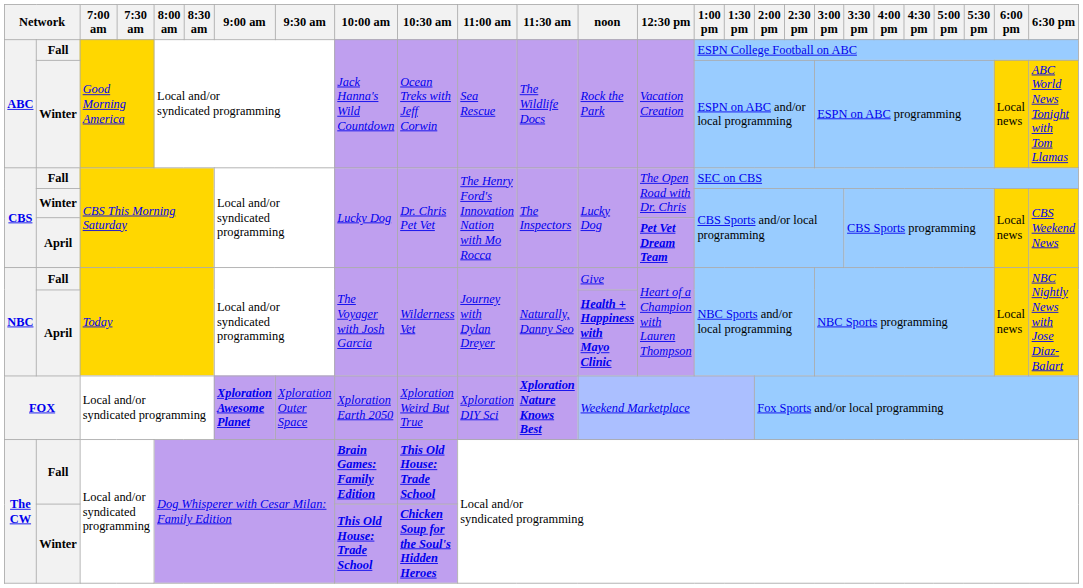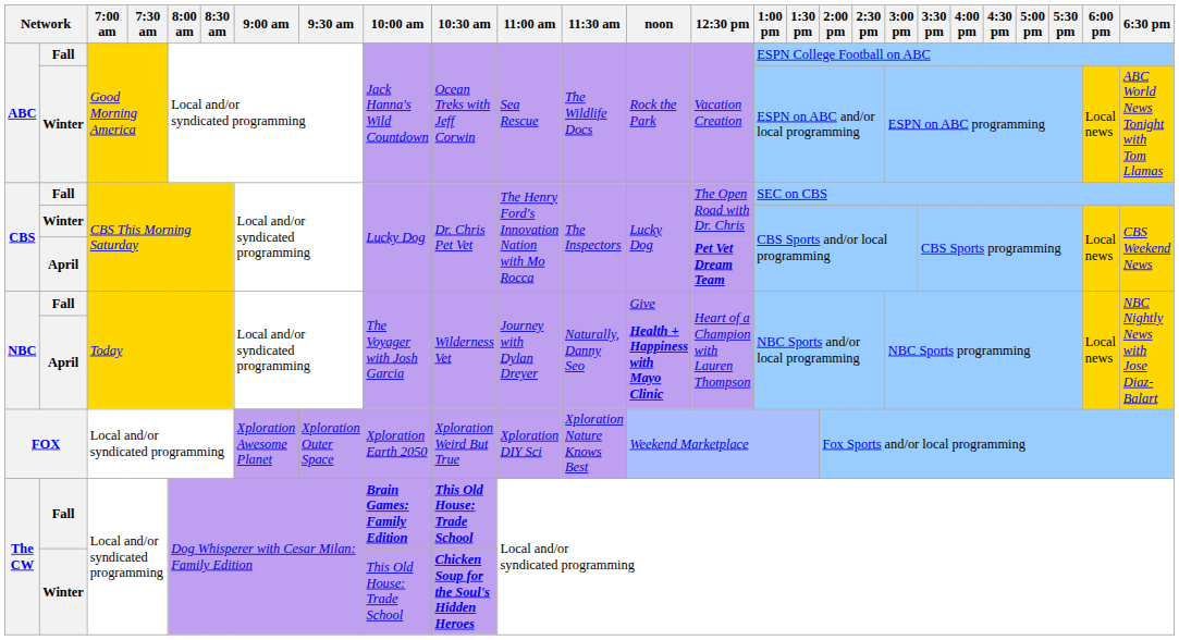 <table class=wikitable style=font-size:90%>
 <tr>
 <th width=1.5% bgcolor=#C0C0C0 colspan=2>Network</th>
 <th width=4% bgcolor=#C0C0C0>7:00 am</th>
 <th width=4% bgcolor=#C0C0C0>7:30 am</th>
 <th width=4% bgcolor=#C0C0C0>8:00 am</th>
 <th width=4% bgcolor=#C0C0C0>8:30 am</th>
 <th width=4% bgcolor=#C0C0C0>9:00 am</th>
 <th width=4% bgcolor=#C0C0C0>9:30 am</th>
 <th width=4% bgcolor=#C0C0C0>10:00 am</th>
 <th width=4% bgcolor=#C0C0C0>10:30 am</th>
 <th width=4% bgcolor=#C0C0C0>11:00 am</th>
 <th width=4% bgcolor=#C0C0C0>11:30 am</th>
 <th width=4% bgcolor=#C0C0C0>noon</th>
 <th width=4% bgcolor=#C0C0C0>12:30 pm</th>
 <th width=4% bgcolor=#C0C0C0>1:00 pm</th>
 <th width=4% bgcolor=#C0C0C0>1:30 pm</th>
 <th width=4% bgcolor=#C0C0C0>2:00 pm</th>
 <th width=4% bgcolor=#C0C0C0>2:30 pm</th>
 <th width=4% bgcolor=#C0C0C0>3:00 pm</th>
 <th width=4% bgcolor=#C0C0C0>3:30 pm</th>
 <th width=4% bgcolor=#C0C0C0>4:00 pm</th>
 <th width=4% bgcolor=#C0C0C0>4:30 pm</th>
 <th width=4% bgcolor=#C0C0C0>5:00 pm</th>
 <th width=4% bgcolor=#C0C0C0>5:30 pm</th>
 <th width=4% bgcolor=#C0C0C0>6:00 pm</th>
 <th width=4% bgcolor=#C0C0C0>6:30 pm</th>
 </tr>
 <tr>
 <th bgcolor=#C0C0C0 rowspan=2><a href='#'>ABC</a></th>
 <th>Fall</th>
 <td bgcolor=gold colspan=2 rowspan=2><em><a href='#'>Good Morning America</a></em></td>
 <td bgcolor=white colspan=4 rowspan=2>Local and/or<br> syndicated programming</td>
 <td bgcolor=bf9fef rowspan=2><em><a href='#'>Jack Hanna's Wild Countdown</a></em></td>
 <td bgcolor=bf9fef rowspan=2><em><a href='#'>Ocean Treks with Jeff Corwin</a></em></td>
 <td bgcolor=bf9fef rowspan=2><em><a href='#'>Sea Rescue</a></em></td>
 <td bgcolor=bf9fef rowspan=2><em><a href='#'>The Wildlife Docs</a></em></td>
 <td bgcolor=bf9fef rowspan=2><em><a href='#'>Rock the Park</a></em></td>
 <td bgcolor=bf9fef rowspan=2><em><a href='#'>Vacation Creation</a></em></td>
 <td bgcolor=99ccff colspan=12><a href='#'>ESPN College Football on ABC</a></td>
 </tr>
 <tr>
 <th>Winter</th>
 <td bgcolor=99ccff colspan=4><a href='#'>ESPN on ABC</a> and/or local programming</td>
 <td bgcolor=99ccff colspan=6><a href='#'>ESPN on ABC</a> programming</td>
 <td bgcolor=gold>Local news</td>
 <td bgcolor=gold><em><a href='#'>ABC World News Tonight with Tom Llamas</a></em></td>
 </tr>
 <tr>
 <th bgcolor=#C0C0C0 rowspan=3><a href='#'>CBS</a></th>
 <th>Fall</th>
 <td bgcolor=gold colspan=4 rowspan=3><em><a href='#'>CBS This Morning Saturday</a></em></td>
 <td bgcolor=white colspan=2 rowspan=3>Local and/or<br> syndicated programming</td>
 <td bgcolor=bf9fef rowspan=3><em><a href='#'>Lucky Dog</a></em></td>
 <td bgcolor=bf9fef rowspan=3><em><a href='#'>Dr. Chris Pet Vet</a></em></td>
 <td bgcolor=bf9fef rowspan=3><em><a href='#'>The Henry Ford's Innovation Nation with Mo Rocca</a></em></td>
 <td bgcolor=bf9fef rowspan=3><em><a href='#'>The Inspectors</a></em></td>
 <td bgcolor=bf9fef rowspan=3><em><a href='#'>Lucky Dog</a></em></td>
 <td bgcolor=bf9fef rowspan=2><em><a href='#'>The Open Road with Dr. Chris</a></em></td>
 <td bgcolor=99ccff colspan=12><a href='#'>SEC on CBS</a></td>
 </tr>
 <tr>
 <th>Winter</th>
 <td bgcolor=99ccff colspan=5 rowspan=2><a href='#'>CBS Sports</a> and/or local programming</td>
 <td bgcolor=99ccff colspan=5 rowspan=2><a href='#'>CBS Sports</a> programming</td>
 <td bgcolor=gold rowspan=2>Local news</td>
 <td bgcolor=gold rowspan=2><em><a href='#'>CBS Weekend News</a></em></td>
 </tr>
 <tr>
 <th>April</th>
 <td bgcolor=bf9fef><strong><em><a href='#'>Pet Vet Dream Team</a></em></strong></td>
 </tr>
 <tr>
 <th bgcolor=#C0C0C0 rowspan=2><a href='#'>NBC</a></th>
 <th>Fall</th>
 <td bgcolor=gold colspan=4 rowspan=2><em><a href='#'>Today</a></em></td>
 <td bgcolor=white colspan=2 rowspan=2>Local and/or<br> syndicated programming</td>
 <td bgcolor=bf9fef rowspan=2><em><a href='#'>The Voyager with Josh Garcia</a></em></td>
 <td bgcolor=bf9fef rowspan=2><em><a href='#'>Wilderness Vet</a></em></td>
 <td bgcolor=bf9fef rowspan=2><em><a href='#'>Journey with Dylan Dreyer</a></em></td>
 <td bgcolor=bf9fef rowspan=2><em><a href='#'>Naturally, Danny Seo</a></em></td>
 <td bgcolor=bf9fef><em><a href='#'>Give</a></em></td>
 <td bgcolor=bf9fef rowspan=2><em><a href='#'>Heart of a Champion with Lauren Thompson</a></em></td>
 <td bgcolor=99ccff colspan=4 rowspan=2><a href='#'>NBC Sports</a> and/or local programming</td>
 <td bgcolor=99ccff colspan=6 rowspan=2><a href='#'>NBC Sports</a> programming</td>
 <td bgcolor=gold rowspan=2>Local news</td>
 <td bgcolor=gold rowspan=2><em><a href='#'>NBC Nightly News with Jose Diaz-Balart</a></em></td>
 </tr>
 <tr>
 <th>April</th>
 <td bgcolor=bf9fef><strong><em><a href='#'>Health + Happiness with Mayo Clinic</a></em></strong></td>
 </tr>
 <tr>
 <th bgcolor=#C0C0C0 colspan=2><a href='#'>FOX</a></th>
 <td bgcolor=white colspan=4>Local and/or<br> syndicated programming</td>
-<td bgcolor=bf9fef><strong><em><a href='#'>Xploration Awesome Planet</a></em></strong></td>
+<td bgcolor=bf9fef><em><a href='#'>Xploration Awesome Planet</a></em></td>
 <td bgcolor=bf9fef><em><a href='#'>Xploration Outer Space</a></em></td>
 <td bgcolor=#bf9fef><em><a href='#'>Xploration Earth 2050</a></em></td>
 <td bgcolor="#bf9fef"><em><a href='#'>Xploration Weird But True</a></em></td>
 <td bgcolor="#bf9fef"><em><a href='#'>Xploration DIY Sci</a></em></td>
-<td bgcolor="#bf9fef"><strong><em><a href='#'>Xploration Nature Knows Best</a></em></strong></td>
+<td bgcolor="#bf9fef"><em><a href='#'>Xploration Nature Knows Best</a></em></td>
 <td bgcolor="abbfff" colspan="4"><em><a href='#'>Weekend Marketplace</a></em></td>
 <td bgcolor=99ccff colspan=14><a href='#'>Fox Sports</a> and/or local programming</td>
 </tr>
 <tr>
 <th bgcolor=#C0C0C0 rowspan=2><a href='#'>The CW</a></th>
 <th>Fall</th>
 <td bgcolor=white colspan=2 rowspan=2>Local and/or<br>syndicated programming</td>
 <td bgcolor=bf9fef colspan=4 rowspan=2><em><a href='#'>Dog Whisperer with Cesar Milan: Family Edition</a></em></td>
 <td bgcolor=bf9fef><strong><em><a href='#'>Brain Games: Family Edition</a></em></strong></td>
 <td bgcolor=bf9fef><strong><em><a href='#'>This Old House: Trade School</a></em></strong></td>
 <td bgcolor=white colspan=16 rowspan=2>Local and/or<br>syndicated programming</td>
 </tr>
 <tr>
 <th>Winter</th>
-<td bgcolor=bf9fef><strong><em><a href='#'>This Old House: Trade School</a></em></strong></td>
+<td bgcolor=bf9fef><em><a href='#'>This Old House: Trade School</a></em></td>
 <td bgcolor=bf9fef><strong><em><a href='#'>Chicken Soup for the Soul's Hidden Heroes</a></em></strong></td>
 </tr>
 </table>
